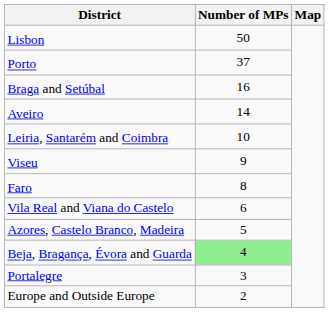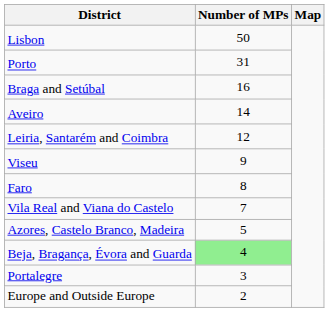 <table class="wikitable">
 <tr>
 <th>District</th>
 <th>Number of MPs</th>
 <th>Map</th>
 </tr>
 <tr>
 <td><a href='#'>Lisbon</a><sup></sup></td>
 <td style="text-align:center;">50</td>
 <td style="text-align:center;" rowspan="12"><br>                      </td>
 </tr>
 <tr>
 <td><a href='#'>Porto</a><sup></sup></td>
-<td style="text-align:center;">37</td>
+<td style="text-align:center;">31</td>
 </tr>
 <tr>
 <td><a href='#'>Braga</a><sup></sup> and <a href='#'>Setúbal</a><sup></sup></td>
 <td style="text-align:center;">16</td>
 </tr>
 <tr>
 <td><a href='#'>Aveiro</a><sup></sup></td>
 <td style="text-align:center;">14</td>
 </tr>
 <tr>
 <td><a href='#'>Leiria</a><sup></sup>, <a href='#'>Santarém</a><sup></sup> and <a href='#'>Coimbra</a><sup></sup></td>
-<td style="text-align:center;">10</td>
+<td style="text-align:center;">12</td>
 </tr>
 <tr>
 <td><a href='#'>Viseu</a><sup></sup></td>
 <td style="text-align:center;">9</td>
 </tr>
 <tr>
 <td><a href='#'>Faro</a><sup></sup></td>
 <td style="text-align:center;">8</td>
 </tr>
 <tr>
 <td><a href='#'>Vila Real</a> and <a href='#'>Viana do Castelo</a></td>
-<td style="text-align:center;">6</td>
+<td style="text-align:center;">7</td>
 </tr>
 <tr>
 <td><a href='#'>Azores</a>, <a href='#'>Castelo Branco</a>, <a href='#'>Madeira</a></td>
 <td style="text-align:center;">5</td>
 </tr>
 <tr>
 <td><a href='#'>Beja</a><sup></sup>, <a href='#'>Bragança</a>, <a href='#'>Évora</a> and <a href='#'>Guarda</a><sup></sup></td>
 <td style="background: lightgreen; text-align:center;">4</td>
 </tr>
 <tr>
 <td><a href='#'>Portalegre</a></td>
 <td style="text-align:center;">3</td>
 </tr>
 <tr>
 <td>Europe and Outside Europe</td>
 <td style="text-align:center;">2</td>
 </tr>
 </table>
